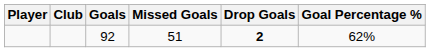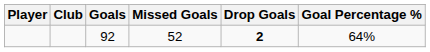 <table class="wikitable" style="text-align:center">
 <tr>
 <th>Player</th>
 <th>Club</th>
 <th>Goals</th>
 <th>Missed Goals</th>
 <th>Drop Goals</th>
 <th>Goal Percentage %</th>
 </tr>
 <tr>
 <td align="left"></td>
 <td align="left"></td>
 <td>92</td>
-<td>51</td>
+<td>52</td>
 <td><strong>2</strong></td>
-<td>62%</td>
+<td>64%</td>
 </tr>
 </table>
